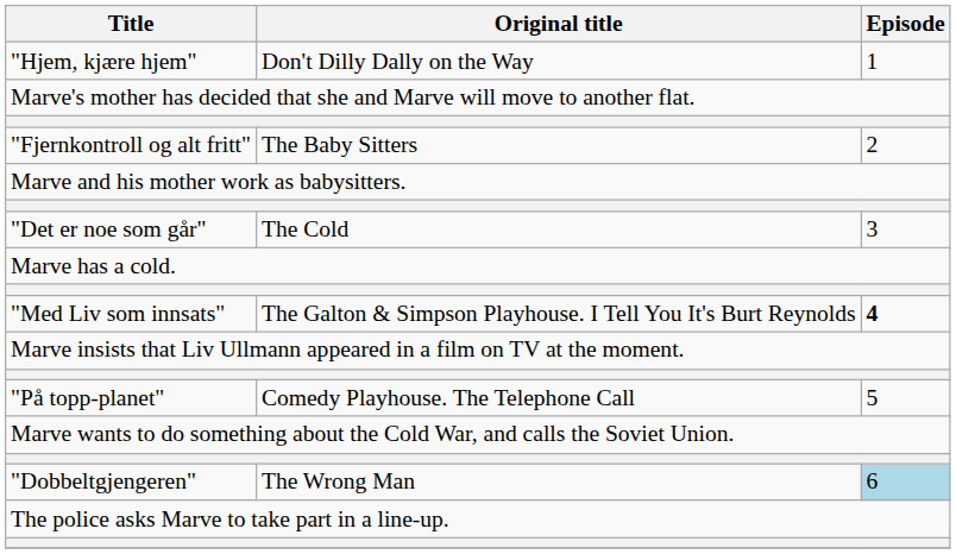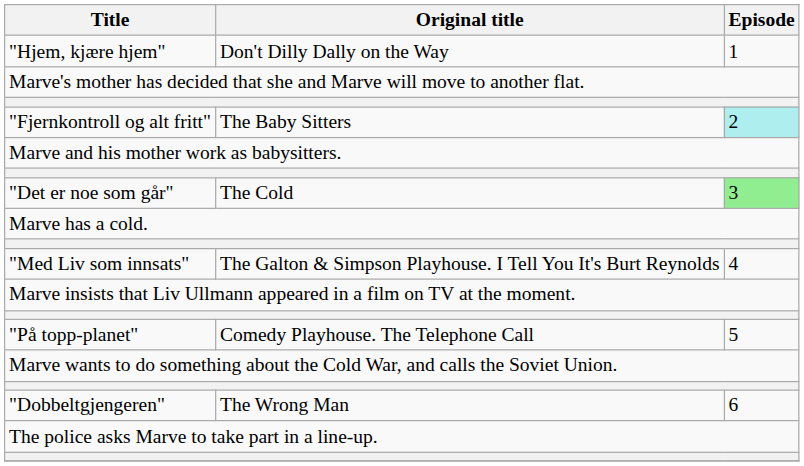 <table class="wikitable">
 <tr>
 <th>Title</th>
 <th>Original title</th>
 <th>Episode</th>
 </tr>
 <tr>
 <td>"Hjem, kjære hjem"</td>
 <td>Don't Dilly Dally on the Way</td>
 <td>1</td>
 </tr>
 <tr>
 <td colspan="6">Marve's mother has decided that she and Marve will move to another flat.</td>
 </tr>
 <tr>
 <td colspan="6" bgcolor="#f2f2f2"></td>
 </tr>
 <tr>
 <td>"Fjernkontroll og alt fritt"</td>
 <td>The Baby Sitters</td>
-<td>2</td>
+<td style="background: paleturquoise;">2</td>
 </tr>
 <tr>
 <td colspan="6">Marve and his mother work as babysitters.</td>
 </tr>
 <tr>
 <td colspan="6" bgcolor="#f2f2f2"></td>
 </tr>
 <tr>
 <td>"Det er noe som går"</td>
 <td>The Cold</td>
-<td>3</td>
+<td style="background: lightgreen;">3</td>
 </tr>
 <tr>
 <td colspan="6">Marve has a cold.</td>
 </tr>
 <tr>
 <td colspan="6" bgcolor="#f2f2f2"></td>
 </tr>
 <tr>
 <td>"Med Liv som innsats"</td>
 <td>The Galton & Simpson Playhouse. I Tell You It's Burt Reynolds</td>
-<td><strong>4</strong></td>
+<td>4</td>
 </tr>
 <tr>
 <td colspan="6">Marve insists that Liv Ullmann appeared in a film on TV at the moment.</td>
 </tr>
 <tr>
 <td colspan="6" bgcolor="#f2f2f2"></td>
 </tr>
 <tr>
 <td>"På topp-planet"</td>
 <td>Comedy Playhouse. The Telephone Call</td>
 <td>5</td>
 </tr>
 <tr>
 <td colspan="6">Marve wants to do something about the Cold War, and calls the Soviet Union.</td>
 </tr>
 <tr>
 <td colspan="6" bgcolor="#f2f2f2"></td>
 </tr>
 <tr>
 <td>"Dobbeltgjengeren"</td>
 <td>The Wrong Man</td>
-<td style="background: lightblue;">6</td>
+<td>6</td>
 </tr>
 <tr>
 <td colspan="6">The police asks Marve to take part in a line-up.</td>
 </tr>
 <tr>
 <td colspan="6" bgcolor="#f2f2f2"></td>
 </tr>
 <tr>
 </tr>
 </table>
